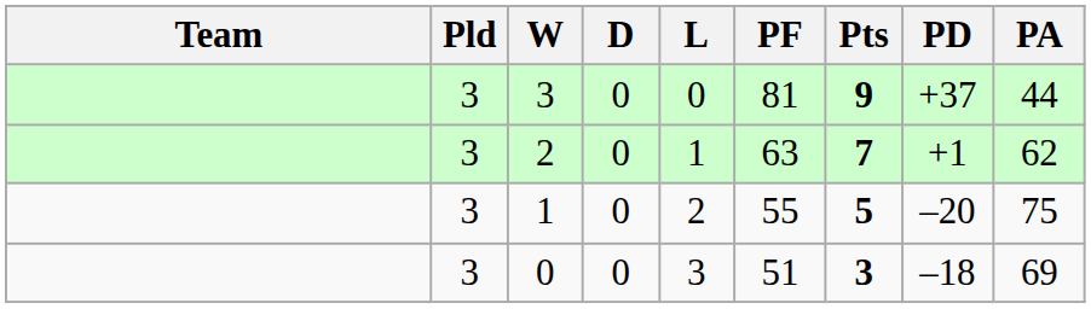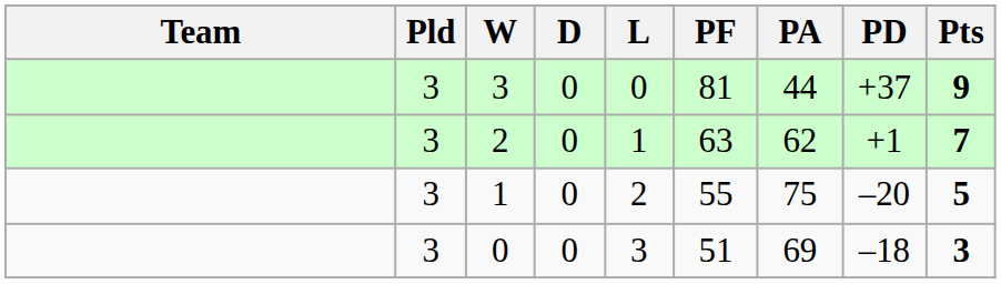 <table class="wikitable" style="text-align:center;">
 <tr>
 <th width=175>Team</th>
 <th width=25 abbr="Played">Pld</th>
 <th width=25 abbr="Won">W</th>
 <th width=25 abbr="Drawn">D</th>
 <th width=25 abbr="Lost">L</th>
 <th width=32 abbr="Points for">PF</th>
+<th width=32 abbr="Points against">PA</th>
+<th width=32 abbr="Points difference">PD</th>
 <th width=25 abbr="Points">Pts</th>
-<th width=32 abbr="Points difference">PD</th>
-<th width=32 abbr="Points against">PA</th>
 </tr>
 <tr bgcolor=ccffcc>
 <td align=left></td>
 <td>3</td>
 <td>3</td>
 <td>0</td>
 <td>0</td>
 <td>81</td>
+<td>44</td>
+<td>+37</td>
 <td><strong>9</strong></td>
-<td>+37</td>
-<td>44</td>
 </tr>
 <tr bgcolor=ccffcc>
 <td align=left></td>
 <td>3</td>
 <td>2</td>
 <td>0</td>
 <td>1</td>
 <td>63</td>
+<td>62</td>
+<td>+1</td>
 <td><strong>7</strong></td>
-<td>+1</td>
-<td>62</td>
 </tr>
 <tr>
 <td align=left></td>
 <td>3</td>
 <td>1</td>
 <td>0</td>
 <td>2</td>
 <td>55</td>
+<td>75</td>
+<td>–20</td>
 <td><strong>5</strong></td>
-<td>–20</td>
-<td>75</td>
 </tr>
 <tr>
 <td align=left></td>
 <td>3</td>
 <td>0</td>
 <td>0</td>
 <td>3</td>
 <td>51</td>
+<td>69</td>
+<td>–18</td>
 <td><strong>3</strong></td>
-<td>–18</td>
-<td>69</td>
 </tr>
 </table>
